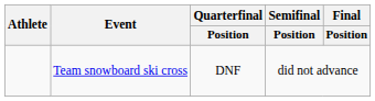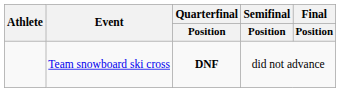 <table class="wikitable" style="font-size:90%">
 <tr>
 <th rowspan=2>Athlete</th>
 <th rowspan=2>Event</th>
 <th>Quarterfinal</th>
 <th>Semifinal</th>
 <th>Final</th>
 </tr>
 <tr style="font-size:95%">
 <th>Position</th>
 <th>Position</th>
 <th>Position</th>
 </tr>
 <tr align=center>
 <td align=left><br><br><br></td>
 <td align=left><a href='#'>Team snowboard ski cross</a></td>
-<td>DNF</td>
+<td><strong>DNF</strong></td>
 <td colspan=2>did not advance</td>
 </tr>
 </table>
